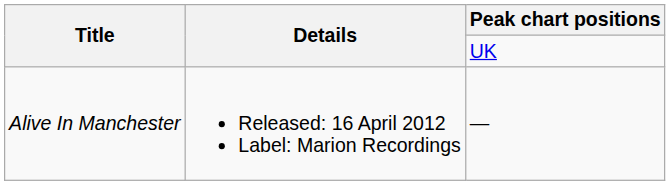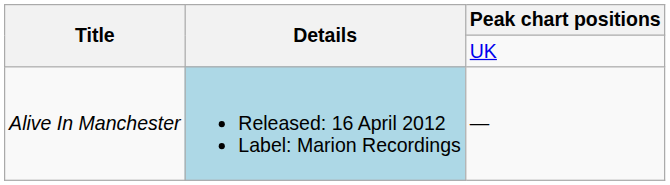 <table class="wikitable">
 <tr>
 <th rowspan="2">Title</th>
 <th rowspan="2">Details</th>
 <th><strong>Peak chart positions</strong></th>
 </tr>
 <tr>
 <td><a href='#'>UK</a></td>
 </tr>
 <tr>
 <td><em>Alive In Manchester</em></td>
-<td><br><ul><li>Released: 16 April 2012</li><li>Label: Marion Recordings</li></ul></td>
+<td style="background: lightblue;"><br><ul><li>Released: 16 April 2012</li><li>Label: Marion Recordings</li></ul></td>
 <td>—</td>
 </tr>
 </table>
